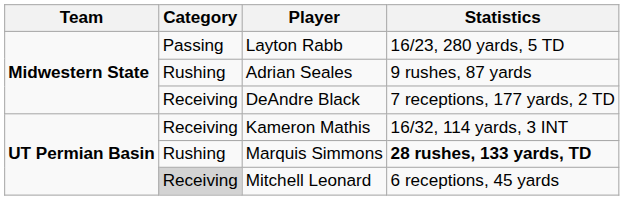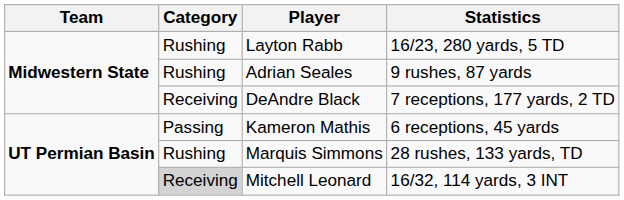 <table class="wikitable" style="float: right;">
 <tr>
 <th>Team</th>
 <th>Category</th>
 <th>Player</th>
 <th>Statistics</th>
 </tr>
 <tr>
 <td rowspan=3><strong>Midwestern State</strong></td>
-<td>Passing</td>
+<td>Rushing</td>
 <td>Layton Rabb</td>
 <td>16/23, 280 yards, 5 TD</td>
 </tr>
 <tr>
 <td>Rushing</td>
 <td>Adrian Seales</td>
 <td>9 rushes, 87 yards</td>
 </tr>
 <tr>
 <td>Receiving</td>
 <td>DeAndre Black</td>
 <td>7 receptions, 177 yards, 2 TD</td>
 </tr>
 <tr>
 <td rowspan=3><strong>UT Permian Basin</strong></td>
-<td>Receiving</td>
+<td>Passing</td>
 <td>Kameron Mathis</td>
-<td>16/32, 114 yards, 3 INT</td>
+<td>6 receptions, 45 yards</td>
 </tr>
 <tr>
 <td>Rushing</td>
 <td>Marquis Simmons</td>
-<td><strong>28 rushes, 133 yards, TD</strong></td>
+<td>28 rushes, 133 yards, TD</td>
 </tr>
 <tr>
 <td style="background: lightgrey;">Receiving</td>
 <td>Mitchell Leonard</td>
-<td>6 receptions, 45 yards</td>
+<td>16/32, 114 yards, 3 INT</td>
 </tr>
 </table>
